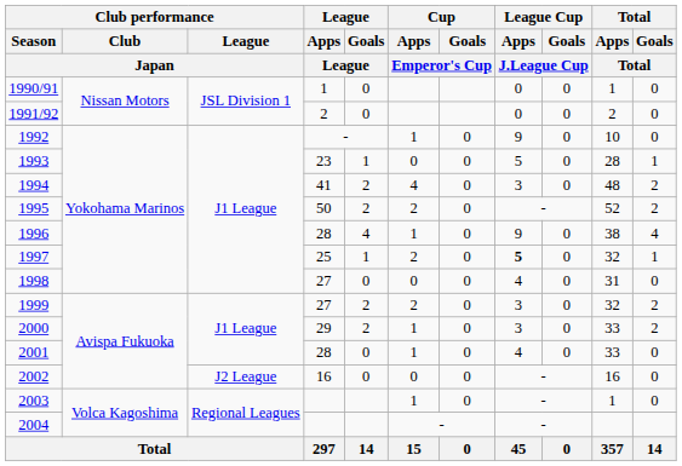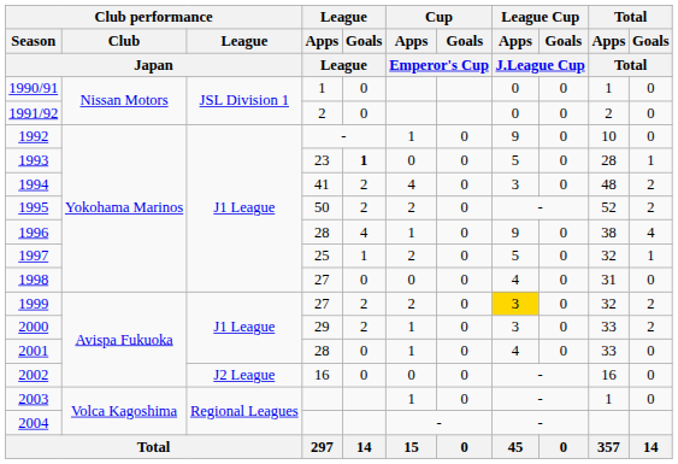 <table class="wikitable" style="text-align:center;">
 <tr>
 <th colspan=3>Club performance</th>
 <th colspan=2>League</th>
 <th colspan=2>Cup</th>
 <th colspan=2>League Cup</th>
 <th colspan=2>Total</th>
 </tr>
 <tr>
 <th>Season</th>
 <th>Club</th>
 <th>League</th>
 <th>Apps</th>
 <th>Goals</th>
 <th>Apps</th>
 <th>Goals</th>
 <th>Apps</th>
 <th>Goals</th>
 <th>Apps</th>
 <th>Goals</th>
 </tr>
 <tr>
 <th colspan=3>Japan</th>
 <th colspan=2>League</th>
 <th colspan=2><a href='#'>Emperor's Cup</a></th>
 <th colspan=2><a href='#'>J.League Cup</a></th>
 <th colspan=2>Total</th>
 </tr>
 <tr>
 <td><a href='#'>1990/91</a></td>
 <td rowspan="2"><a href='#'>Nissan Motors</a></td>
 <td rowspan="2"><a href='#'>JSL Division 1</a></td>
 <td>1</td>
 <td>0</td>
 <td></td>
 <td></td>
 <td>0</td>
 <td>0</td>
 <td>1</td>
 <td>0</td>
 </tr>
 <tr>
 <td><a href='#'>1991/92</a></td>
 <td>2</td>
 <td>0</td>
 <td></td>
 <td></td>
 <td>0</td>
 <td>0</td>
 <td>2</td>
 <td>0</td>
 </tr>
 <tr>
 <td><a href='#'>1992</a></td>
 <td rowspan="7"><a href='#'>Yokohama Marinos</a></td>
 <td rowspan="7"><a href='#'>J1 League</a></td>
 <td colspan="2">-</td>
 <td>1</td>
 <td>0</td>
 <td>9</td>
 <td>0</td>
 <td>10</td>
 <td>0</td>
 </tr>
 <tr>
 <td><a href='#'>1993</a></td>
 <td>23</td>
-<td>1</td>
+<td><strong>1</strong></td>
 <td>0</td>
 <td>0</td>
 <td>5</td>
 <td>0</td>
 <td>28</td>
 <td>1</td>
 </tr>
 <tr>
 <td><a href='#'>1994</a></td>
 <td>41</td>
 <td>2</td>
 <td>4</td>
 <td>0</td>
 <td>3</td>
 <td>0</td>
 <td>48</td>
 <td>2</td>
 </tr>
 <tr>
 <td><a href='#'>1995</a></td>
 <td>50</td>
 <td>2</td>
 <td>2</td>
 <td>0</td>
 <td colspan="2">-</td>
 <td>52</td>
 <td>2</td>
 </tr>
 <tr>
 <td><a href='#'>1996</a></td>
 <td>28</td>
 <td>4</td>
 <td>1</td>
 <td>0</td>
 <td>9</td>
 <td>0</td>
 <td>38</td>
 <td>4</td>
 </tr>
 <tr>
 <td><a href='#'>1997</a></td>
 <td>25</td>
 <td>1</td>
 <td>2</td>
 <td>0</td>
-<td><strong>5</strong></td>
+<td>5</td>
 <td>0</td>
 <td>32</td>
 <td>1</td>
 </tr>
 <tr>
 <td><a href='#'>1998</a></td>
 <td>27</td>
 <td>0</td>
 <td>0</td>
 <td>0</td>
 <td>4</td>
 <td>0</td>
 <td>31</td>
 <td>0</td>
 </tr>
 <tr>
 <td><a href='#'>1999</a></td>
 <td rowspan="4"><a href='#'>Avispa Fukuoka</a></td>
 <td rowspan="3"><a href='#'>J1 League</a></td>
 <td>27</td>
 <td>2</td>
 <td>2</td>
 <td>0</td>
-<td>3</td>
+<td style="background: gold;">3</td>
 <td>0</td>
 <td>32</td>
 <td>2</td>
 </tr>
 <tr>
 <td><a href='#'>2000</a></td>
 <td>29</td>
 <td>2</td>
 <td>1</td>
 <td>0</td>
 <td>3</td>
 <td>0</td>
 <td>33</td>
 <td>2</td>
 </tr>
 <tr>
 <td><a href='#'>2001</a></td>
 <td>28</td>
 <td>0</td>
 <td>1</td>
 <td>0</td>
 <td>4</td>
 <td>0</td>
 <td>33</td>
 <td>0</td>
 </tr>
 <tr>
 <td><a href='#'>2002</a></td>
 <td><a href='#'>J2 League</a></td>
 <td>16</td>
 <td>0</td>
 <td>0</td>
 <td>0</td>
 <td colspan="2">-</td>
 <td>16</td>
 <td>0</td>
 </tr>
 <tr>
 <td><a href='#'>2003</a></td>
 <td rowspan="2"><a href='#'>Volca Kagoshima</a></td>
 <td rowspan="2"><a href='#'>Regional Leagues</a></td>
 <td></td>
 <td></td>
 <td>1</td>
 <td>0</td>
 <td colspan="2">-</td>
 <td>1</td>
 <td>0</td>
 </tr>
 <tr>
 <td><a href='#'>2004</a></td>
 <td></td>
 <td></td>
 <td colspan="2">-</td>
 <td colspan="2">-</td>
 <td></td>
 <td></td>
 </tr>
 <tr>
 <th colspan=3>Total</th>
 <th>297</th>
 <th>14</th>
 <th>15</th>
 <th>0</th>
 <th>45</th>
 <th>0</th>
 <th>357</th>
 <th>14</th>
 </tr>
 </table>
